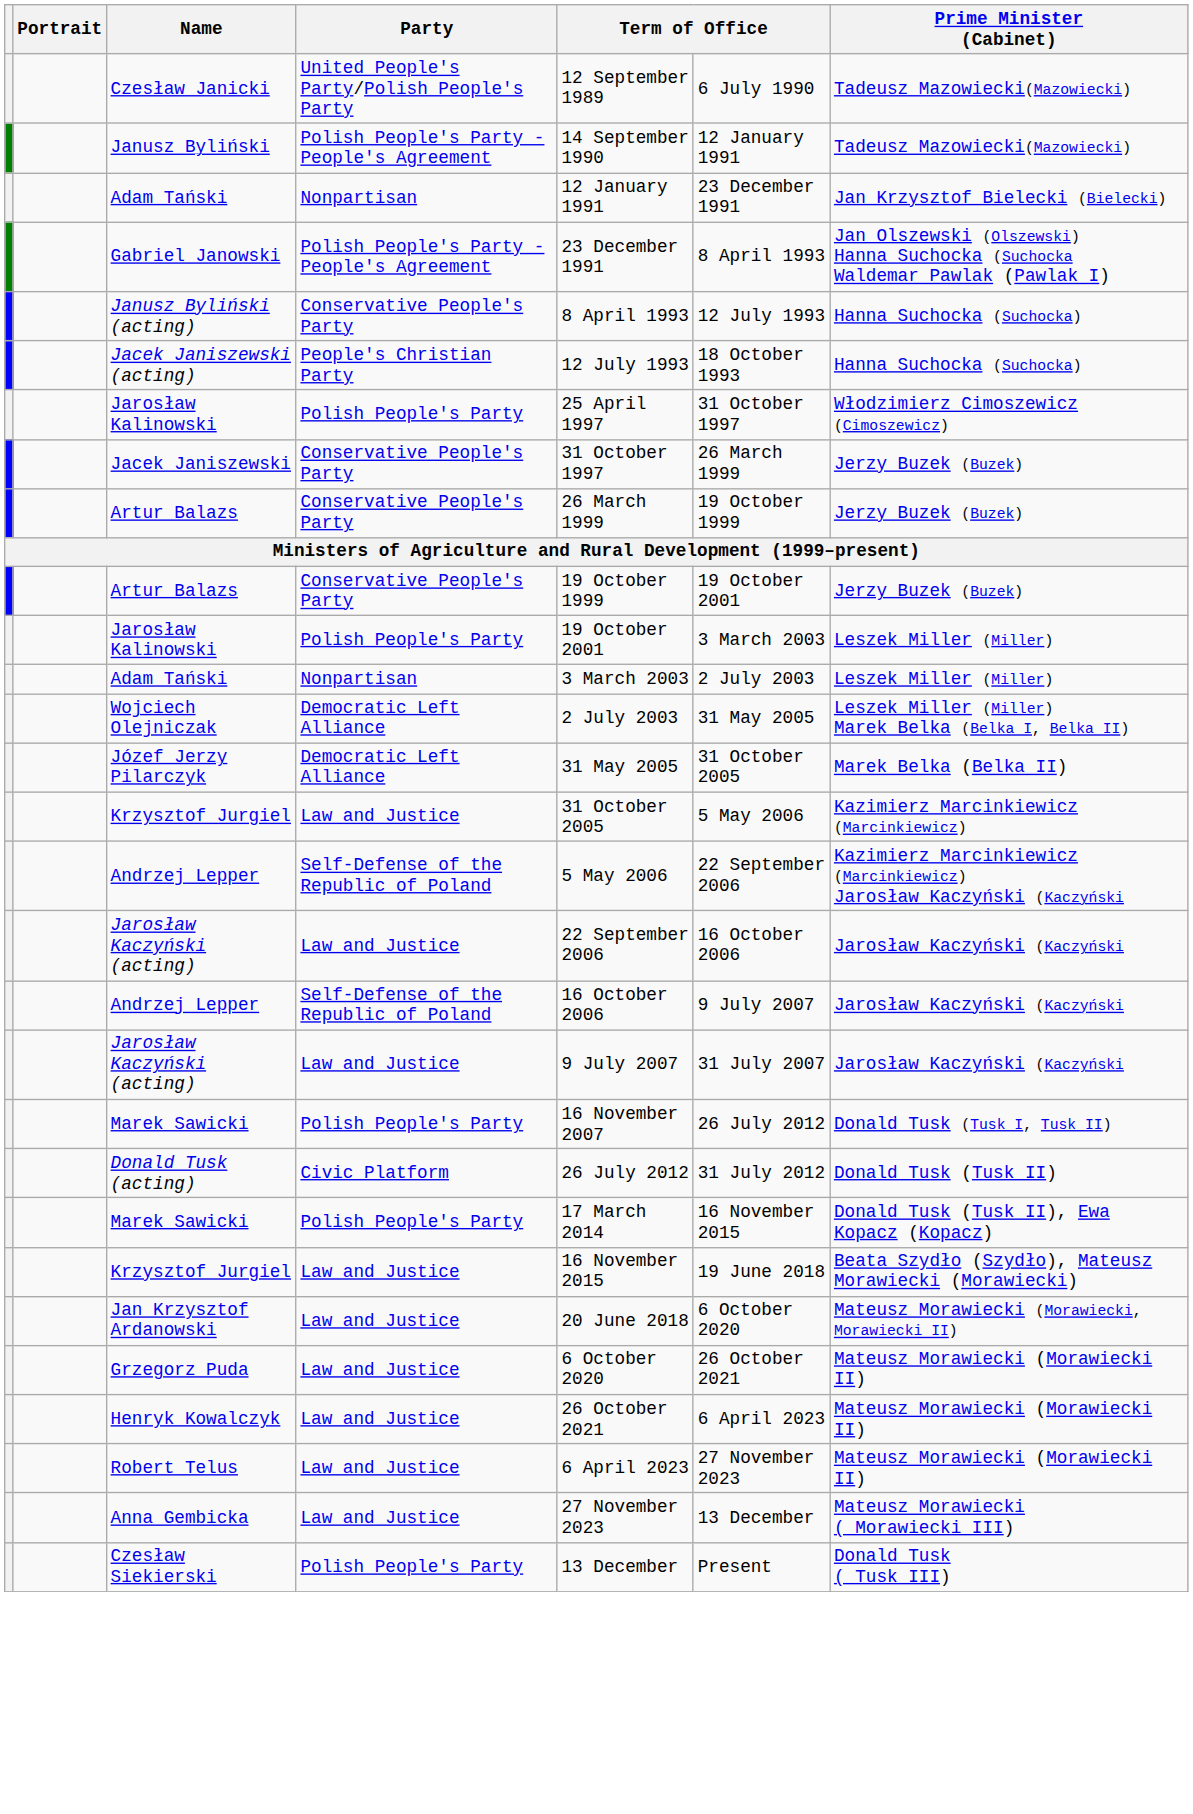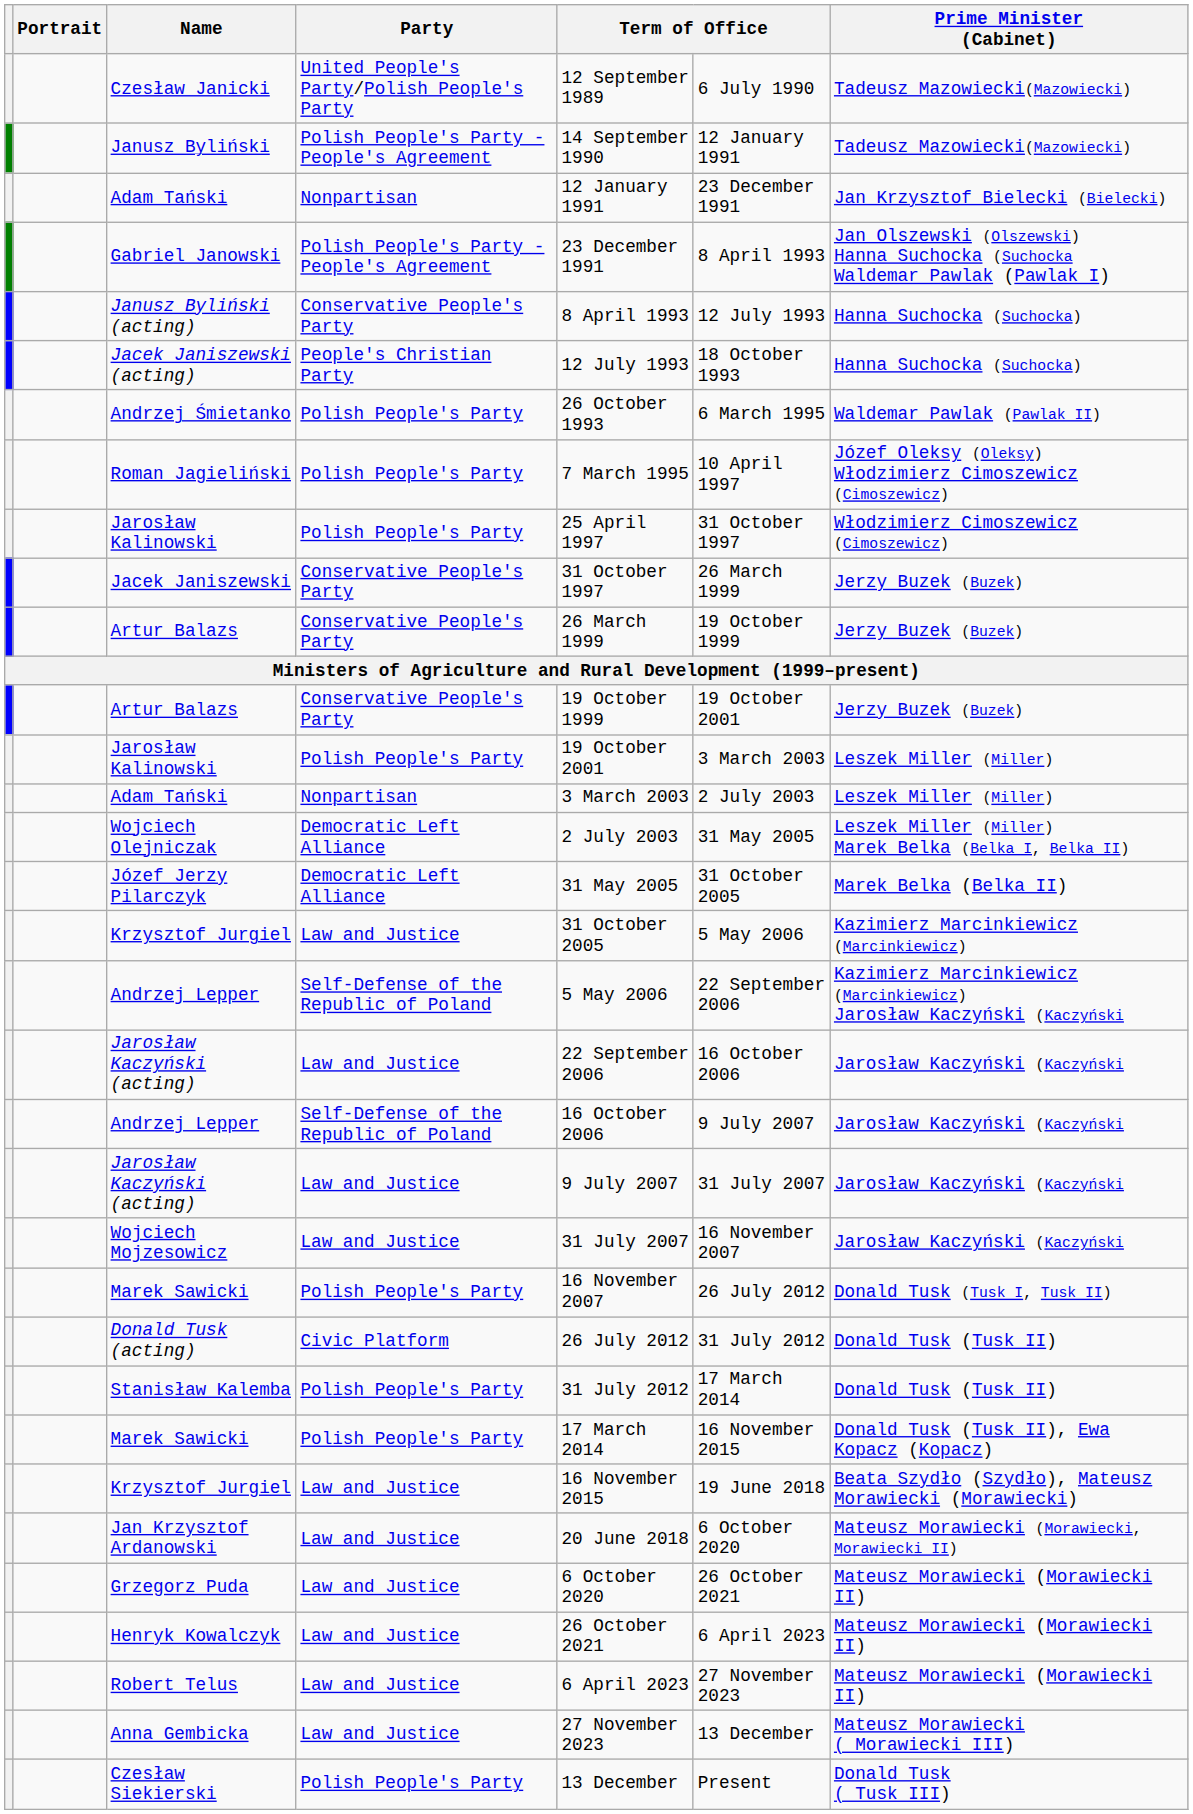 <table class="wikitable">
 <tr>
 <th></th>
 <th>Portrait</th>
 <th>Name</th>
 <th>Party</th>
 <th colspan="2">Term of Office</th>
 <th><a href='#'>Prime Minister</a><br>(Cabinet)</th>
 </tr>
 <tr>
 <th style="background:"></th>
 <td></td>
 <td><a href='#'>Czesław Janicki</a></td>
 <td><a href='#'>United People's Party</a>/<a href='#'>Polish People's Party</a></td>
 <td>12 September 1989</td>
 <td>6 July 1990</td>
 <td><a href='#'>Tadeusz Mazowiecki</a><small>(<a href='#'>Mazowiecki</a>)</small></td>
 </tr>
 <tr>
 <th style= "background:#008000;"></th>
 <td></td>
 <td><a href='#'>Janusz Byliński</a></td>
 <td><a href='#'>Polish People's Party - People's Agreement</a></td>
 <td>14 September 1990</td>
 <td>12 January 1991</td>
 <td><a href='#'>Tadeusz Mazowiecki</a><small>(<a href='#'>Mazowiecki</a>)</small></td>
 </tr>
 <tr>
 <th style="background:"></th>
 <td></td>
 <td><a href='#'>Adam Tański</a></td>
 <td><a href='#'>Nonpartisan</a></td>
 <td>12 January 1991</td>
 <td>23 December 1991</td>
 <td><a href='#'>Jan Krzysztof Bielecki</a> <small>(<a href='#'>Bielecki</a>)</small></td>
 </tr>
 <tr>
 <th style= "background:#008000;"></th>
 <td></td>
 <td><a href='#'>Gabriel Janowski</a></td>
 <td><a href='#'>Polish People's Party - People's Agreement</a></td>
 <td>23 December 1991</td>
 <td>8 April 1993</td>
 <td><a href='#'>Jan Olszewski</a> <small>(<a href='#'>Olszewski</a>)</small><br><a href='#'>Hanna Suchocka</a> <small>(<a href='#'>Suchocka</a></small><br><a href='#'>Waldemar Pawlak</a> (<a href='#'>Pawlak I</a>)</td>
 </tr>
 <tr>
 <th style="background:blue;"></th>
 <td></td>
 <td><em><a href='#'>Janusz Byliński</a> (acting)</em></td>
 <td><a href='#'>Conservative People's Party</a></td>
 <td>8 April 1993</td>
 <td>12 July 1993</td>
 <td><a href='#'>Hanna Suchocka</a> <small>(<a href='#'>Suchocka</a>)</small></td>
 </tr>
 <tr>
 <th style="background:blue;"></th>
 <td></td>
 <td><em><a href='#'>Jacek Janiszewski</a> (acting)</em></td>
 <td><a href='#'>People's Christian Party</a></td>
 <td>12 July 1993</td>
 <td>18 October 1993</td>
 <td><a href='#'>Hanna Suchocka</a> <small>(<a href='#'>Suchocka</a>)</small></td>
+</tr>
+<tr>
+<th style="background:"></th>
+<td></td>
+<td><a href='#'>Andrzej Śmietanko</a></td>
+<td><a href='#'>Polish People's Party</a></td>
+<td>26 October 1993</td>
+<td>6 March 1995</td>
+<td><a href='#'>Waldemar Pawlak</a> <small>(<a href='#'>Pawlak II</a>)</small></td>
+</tr>
+<tr>
+<th style="background:"></th>
+<td></td>
+<td><a href='#'>Roman Jagieliński</a></td>
+<td><a href='#'>Polish People's Party</a></td>
+<td>7 March 1995</td>
+<td>10 April 1997</td>
+<td><a href='#'>Józef Oleksy</a> <small>(<a href='#'>Oleksy</a>)</small><br><a href='#'>Włodzimierz Cimoszewicz</a> <small>(<a href='#'>Cimoszewicz</a>)</small></td>
 </tr>
 <tr>
 <th style="background:"></th>
 <td></td>
 <td><a href='#'>Jarosław Kalinowski</a></td>
 <td><a href='#'>Polish People's Party</a></td>
 <td>25 April 1997</td>
 <td>31 October 1997</td>
 <td><a href='#'>Włodzimierz Cimoszewicz</a> <small>(<a href='#'>Cimoszewicz</a>)</small></td>
 </tr>
 <tr>
 <th style="background:blue;"></th>
 <td></td>
 <td><a href='#'>Jacek Janiszewski</a></td>
 <td><a href='#'>Conservative People's Party</a></td>
 <td>31 October 1997</td>
 <td>26 March 1999</td>
 <td><a href='#'>Jerzy Buzek</a> <small>(<a href='#'>Buzek</a>)</small></td>
 </tr>
 <tr>
 <th style="background:blue;"></th>
 <td></td>
 <td><a href='#'>Artur Balazs</a></td>
 <td><a href='#'>Conservative People's Party</a></td>
 <td>26 March 1999</td>
 <td>19 October 1999</td>
 <td><a href='#'>Jerzy Buzek</a> <small>(<a href='#'>Buzek</a>)</small></td>
 </tr>
 <tr>
 <th colspan="7">Ministers of Agriculture and Rural Development (1999–present)</th>
 </tr>
 <tr>
 <th style="background:blue;"></th>
 <td></td>
 <td><a href='#'>Artur Balazs</a></td>
 <td><a href='#'>Conservative People's Party</a></td>
 <td>19 October 1999</td>
 <td>19 October 2001</td>
 <td><a href='#'>Jerzy Buzek</a> <small>(<a href='#'>Buzek</a>)</small></td>
 </tr>
 <tr>
 <th style="background:"></th>
 <td></td>
 <td><a href='#'>Jarosław Kalinowski</a></td>
 <td><a href='#'>Polish People's Party</a></td>
 <td>19 October 2001</td>
 <td>3 March 2003</td>
 <td><a href='#'>Leszek Miller</a> <small>(<a href='#'>Miller</a>)</small></td>
 </tr>
 <tr>
 <th style="background:"></th>
 <td></td>
 <td><a href='#'>Adam Tański</a></td>
 <td><a href='#'>Nonpartisan</a></td>
 <td>3 March 2003</td>
 <td>2 July 2003</td>
 <td><a href='#'>Leszek Miller</a> <small>(<a href='#'>Miller</a>)</small></td>
 </tr>
 <tr>
 <th style="background:"></th>
 <td></td>
 <td><a href='#'>Wojciech Olejniczak</a></td>
 <td><a href='#'>Democratic Left Alliance</a></td>
 <td>2 July 2003</td>
 <td>31 May 2005</td>
 <td><a href='#'>Leszek Miller</a> <small>(<a href='#'>Miller</a>)</small><br><a href='#'>Marek Belka</a> <small>(<a href='#'>Belka I</a>, <a href='#'>Belka II</a>)</small></td>
 </tr>
 <tr>
 <th style="background:"></th>
 <td></td>
 <td><a href='#'>Józef Jerzy Pilarczyk</a></td>
 <td><a href='#'>Democratic Left Alliance</a></td>
 <td>31 May 2005</td>
 <td>31 October 2005</td>
 <td><a href='#'>Marek Belka</a> (<a href='#'>Belka II</a>)</td>
 </tr>
 <tr>
 <th style="background:"></th>
 <td></td>
 <td><a href='#'>Krzysztof Jurgiel</a></td>
 <td><a href='#'>Law and Justice</a></td>
 <td>31 October 2005</td>
 <td>5 May 2006</td>
 <td><a href='#'>Kazimierz Marcinkiewicz</a> <small>(<a href='#'>Marcinkiewicz</a>)</small></td>
 </tr>
 <tr>
 <th style="background:"></th>
 <td></td>
 <td><a href='#'>Andrzej Lepper</a></td>
 <td><a href='#'>Self-Defense of the Republic of Poland</a></td>
 <td>5 May 2006</td>
 <td>22 September 2006</td>
 <td><a href='#'>Kazimierz Marcinkiewicz</a> <small>(<a href='#'>Marcinkiewicz</a>)</small><br><a href='#'>Jarosław Kaczyński</a> <small>(<a href='#'>Kaczyński</a></small></td>
 </tr>
 <tr>
 <th style="background:"></th>
 <td></td>
 <td><em><a href='#'>Jarosław Kaczyński</a> (acting)</em></td>
 <td><a href='#'>Law and Justice</a></td>
 <td>22 September 2006</td>
 <td>16 October 2006</td>
 <td><a href='#'>Jarosław Kaczyński</a> <small>(<a href='#'>Kaczyński</a></small></td>
 </tr>
 <tr>
 <th style="background:"></th>
 <td></td>
 <td><a href='#'>Andrzej Lepper</a></td>
 <td><a href='#'>Self-Defense of the Republic of Poland</a></td>
 <td>16 October 2006</td>
 <td>9 July 2007</td>
 <td><a href='#'>Jarosław Kaczyński</a> <small>(<a href='#'>Kaczyński</a></small></td>
 </tr>
 <tr>
 <th style="background:"></th>
 <td></td>
 <td><em><a href='#'>Jarosław Kaczyński</a> (acting)</em></td>
 <td><a href='#'>Law and Justice</a></td>
 <td>9 July 2007</td>
 <td>31 July 2007</td>
 <td><a href='#'>Jarosław Kaczyński</a> <small>(<a href='#'>Kaczyński</a></small></td>
 </tr>
 <tr>
 <th style="background:"></th>
 <td></td>
+<td><a href='#'>Wojciech Mojzesowicz</a></td>
+<td><a href='#'>Law and Justice</a></td>
+<td>31 July 2007</td>
+<td>16 November 2007</td>
+<td><a href='#'>Jarosław Kaczyński</a> <small>(<a href='#'>Kaczyński</a></small></td>
+</tr>
+<tr>
+<th style="background:"></th>
+<td></td>
 <td><a href='#'>Marek Sawicki</a></td>
 <td><a href='#'>Polish People's Party</a></td>
 <td>16 November 2007</td>
 <td>26 July 2012</td>
 <td><a href='#'>Donald Tusk</a> <small>(<a href='#'>Tusk I</a>, <a href='#'>Tusk II</a>)</small></td>
 </tr>
 <tr>
 <th style="background:"></th>
 <td></td>
 <td><em><a href='#'>Donald Tusk</a> (acting)</em></td>
 <td><a href='#'>Civic Platform</a></td>
 <td>26 July 2012</td>
 <td>31 July 2012</td>
+<td><a href='#'>Donald Tusk</a> (<a href='#'>Tusk II</a>)</td>
+</tr>
+<tr>
+<th style="background:"></th>
+<td></td>
+<td><a href='#'>Stanisław Kalemba</a></td>
+<td><a href='#'>Polish People's Party</a></td>
+<td>31 July 2012</td>
+<td>17 March 2014</td>
 <td><a href='#'>Donald Tusk</a> (<a href='#'>Tusk II</a>)</td>
 </tr>
 <tr>
 <th style="background:"></th>
 <td></td>
 <td><a href='#'>Marek Sawicki</a></td>
 <td><a href='#'>Polish People's Party</a></td>
 <td>17 March 2014</td>
 <td>16 November 2015</td>
 <td><a href='#'>Donald Tusk</a> (<a href='#'>Tusk II</a>), <a href='#'>Ewa Kopacz</a> (<a href='#'>Kopacz</a>)</td>
 </tr>
 <tr>
 <th style="background:"></th>
 <td></td>
 <td><a href='#'>Krzysztof Jurgiel</a></td>
 <td><a href='#'>Law and Justice</a></td>
 <td>16 November 2015</td>
 <td>19 June 2018</td>
 <td><a href='#'>Beata Szydło</a>  (<a href='#'>Szydło</a>), <a href='#'>Mateusz Morawiecki</a>  (<a href='#'>Morawiecki</a>)</td>
 </tr>
 <tr>
 <th style="background:"></th>
 <td></td>
 <td><a href='#'>Jan Krzysztof Ardanowski</a></td>
 <td><a href='#'>Law and Justice</a></td>
 <td>20 June 2018</td>
 <td>6 October 2020</td>
 <td><a href='#'>Mateusz Morawiecki</a> <small>(<a href='#'>Morawiecki</a>, <a href='#'>Morawiecki II</a>)</small></td>
 </tr>
 <tr>
 <th style="background:"></th>
 <td></td>
 <td><a href='#'>Grzegorz Puda</a></td>
 <td><a href='#'>Law and Justice</a></td>
 <td>6 October 2020</td>
 <td>26 October 2021</td>
 <td><a href='#'>Mateusz Morawiecki</a>  (<a href='#'>Morawiecki II</a>)</td>
 </tr>
 <tr>
 <th style="background:"></th>
 <td></td>
 <td><a href='#'>Henryk Kowalczyk</a></td>
 <td><a href='#'>Law and Justice</a></td>
 <td>26 October 2021</td>
 <td>6 April 2023</td>
 <td><a href='#'>Mateusz Morawiecki</a>  (<a href='#'>Morawiecki II</a>)</td>
 </tr>
 <tr>
 <th style="background:"></th>
 <td></td>
 <td><a href='#'>Robert Telus</a></td>
 <td><a href='#'>Law and Justice</a></td>
 <td>6 April 2023</td>
 <td>27 November 2023</td>
 <td><a href='#'>Mateusz Morawiecki</a>  (<a href='#'>Morawiecki II</a>)</td>
 </tr>
 <tr>
 <th style="background:"></th>
 <td></td>
 <td><a href='#'>Anna Gembicka</a></td>
 <td><a href='#'>Law and Justice</a></td>
 <td>27 November 2023</td>
 <td>13 December</td>
 <td><a href='#'>Mateusz Morawiecki</a><br><a href='#'>( Morawiecki III</a>)</td>
 </tr>
 <tr>
 <th style="background:"></th>
 <td></td>
 <td><a href='#'>Czesław Siekierski</a></td>
 <td><a href='#'>Polish People's Party</a></td>
 <td>13 December</td>
 <td>Present</td>
 <td><a href='#'>Donald Tusk</a><br><a href='#'>( Tusk III</a>)</td>
 </tr>
 </table>
